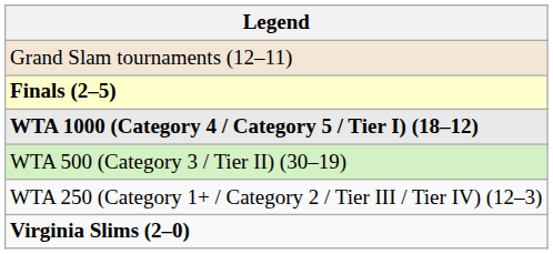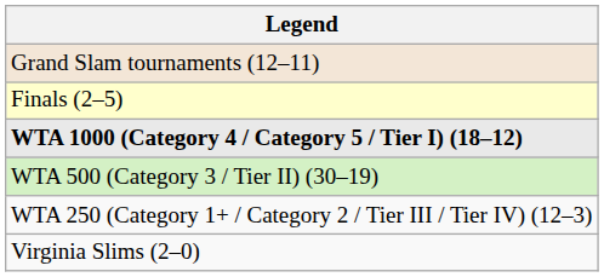 <table class=wikitable style=font-size:90%>
 <tr>
 <th>Legend</th>
 </tr>
 <tr>
 <td bgcolor=#F3E6D7>Grand Slam tournaments (12–11)</td>
 </tr>
 <tr>
-<td bgcolor=#ffffcc><strong>Finals (2–5)</strong></td>
+<td bgcolor=#ffffcc>Finals (2–5)</td>
 </tr>
 <tr>
 <td bgcolor="#e9e9e9"><strong>WTA 1000 (Category 4 / Category 5 / Tier I) (18–12)</strong></td>
 </tr>
 <tr>
 <td bgcolor="#d4f1c5">WTA 500 (Category 3 / Tier II) (30–19)</td>
 </tr>
 <tr>
 <td>WTA 250 (Category 1+ / Category 2 / Tier III / Tier IV) (12–3)</td>
 </tr>
 <tr>
-<td><strong>Virginia Slims (2–0)</strong></td>
+<td>Virginia Slims (2–0)</td>
 </tr>
 </table>
